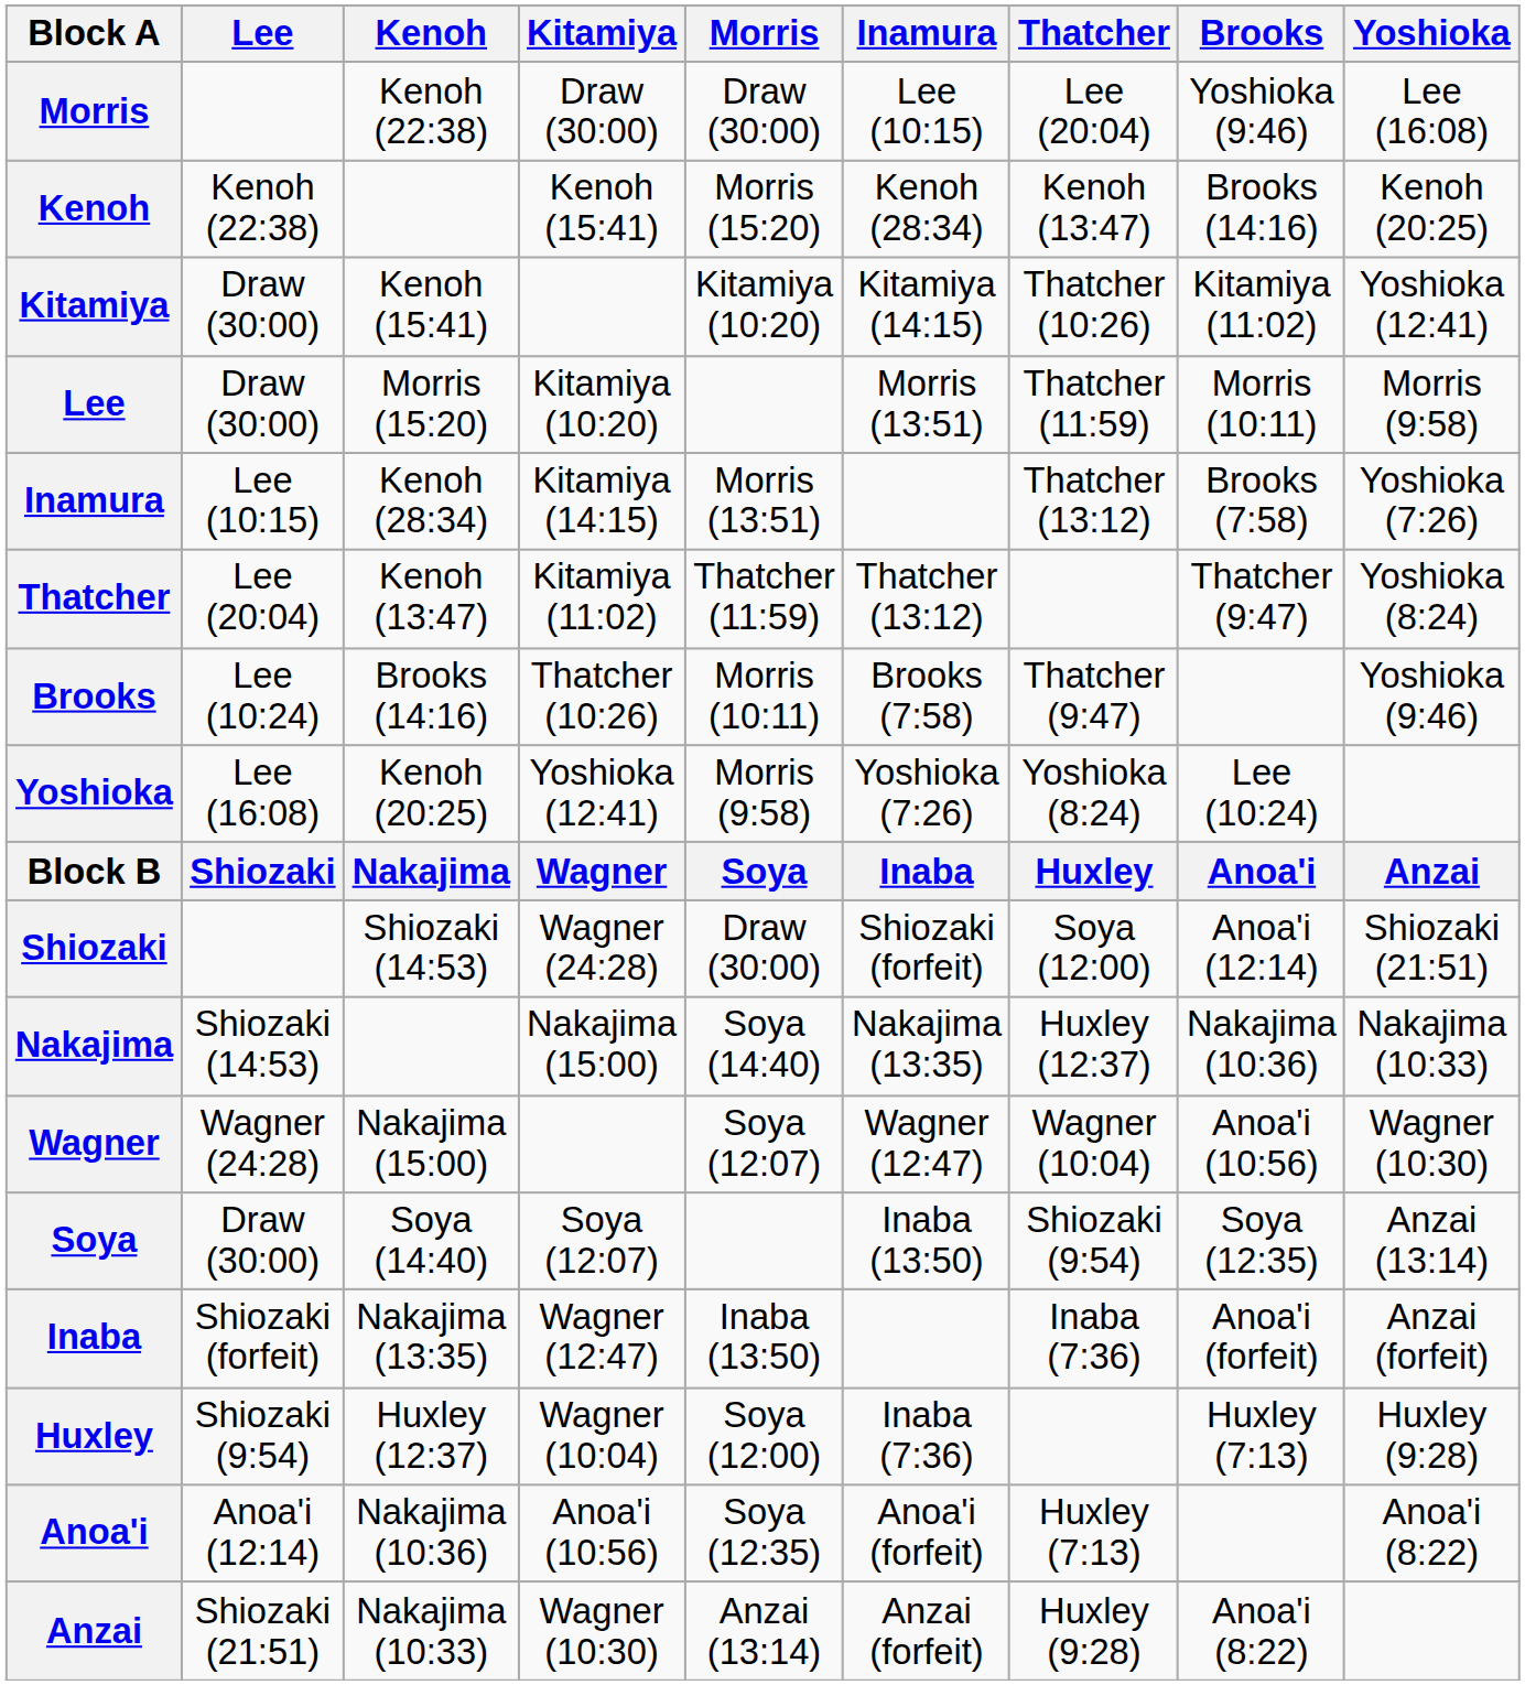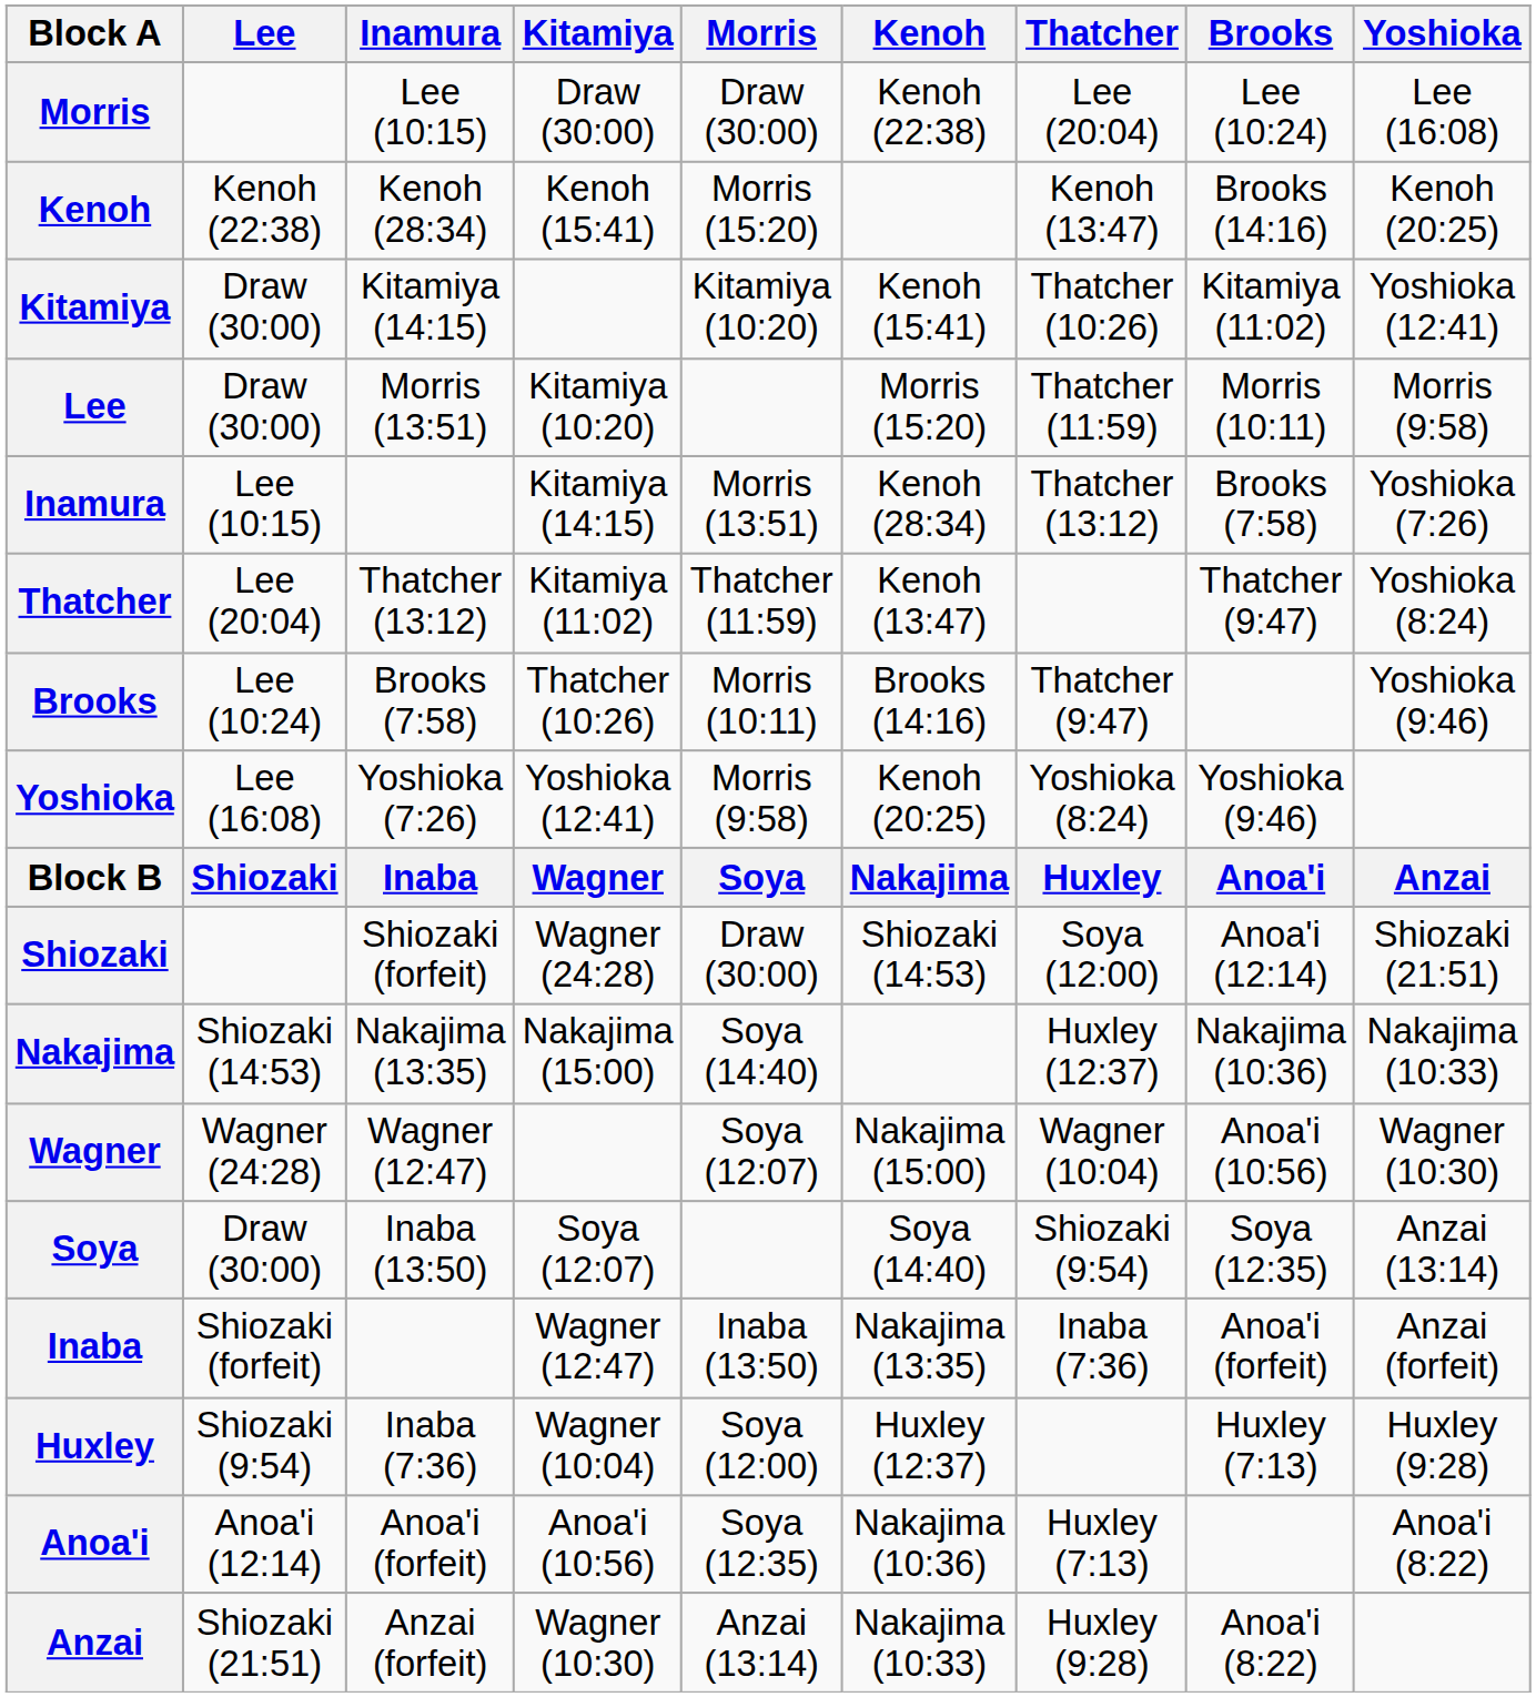 <table class="wikitable" style="text-align:center; margin: 1em auto 1em auto;" width="25%">
 <tr>
 <th>Block A</th>
 <th><a href='#'>Lee</a></th>
-<th><a href='#'>Kenoh</a></th>
+<th><a href='#'>Inamura</a></th>
 <th><a href='#'>Kitamiya</a></th>
 <th><a href='#'>Morris</a></th>
-<th><a href='#'>Inamura</a></th>
+<th><a href='#'>Kenoh</a></th>
 <th><a href='#'>Thatcher</a></th>
 <th><a href='#'>Brooks</a></th>
 <th><a href='#'>Yoshioka</a></th>
 </tr>
 <tr>
 <th><a href='#'>Morris</a></th>
 <td></td>
-<td>Kenoh<br>(22:38)</td>
+<td>Lee<br>(10:15)</td>
 <td>Draw<br>(30:00)</td>
 <td>Draw<br>(30:00)</td>
-<td>Lee<br>(10:15)</td>
+<td>Kenoh<br>(22:38)</td>
 <td>Lee<br>(20:04)</td>
-<td>Yoshioka<br>(9:46)</td>
+<td>Lee<br>(10:24)</td>
 <td>Lee<br>(16:08)</td>
 </tr>
 <tr>
 <th><a href='#'>Kenoh</a></th>
 <td>Kenoh<br>(22:38)</td>
-<td></td>
+<td>Kenoh<br>(28:34)</td>
 <td>Kenoh<br>(15:41)</td>
 <td>Morris<br>(15:20)</td>
-<td>Kenoh<br>(28:34)</td>
+<td></td>
 <td>Kenoh<br>(13:47)</td>
 <td>Brooks<br>(14:16)</td>
 <td>Kenoh<br>(20:25)</td>
 </tr>
 <tr>
 <th><a href='#'>Kitamiya</a></th>
 <td>Draw<br>(30:00)</td>
-<td>Kenoh<br>(15:41)</td>
+<td>Kitamiya<br>(14:15)</td>
 <td></td>
 <td>Kitamiya<br>(10:20)</td>
-<td>Kitamiya<br>(14:15)</td>
+<td>Kenoh<br>(15:41)</td>
 <td>Thatcher<br>(10:26)</td>
 <td>Kitamiya<br>(11:02)</td>
 <td>Yoshioka<br>(12:41)</td>
 </tr>
 <tr>
 <th><a href='#'>Lee</a></th>
 <td>Draw<br>(30:00)</td>
-<td>Morris<br>(15:20)</td>
+<td>Morris<br>(13:51)</td>
 <td>Kitamiya<br>(10:20)</td>
 <td></td>
-<td>Morris<br>(13:51)</td>
+<td>Morris<br>(15:20)</td>
 <td>Thatcher<br>(11:59)</td>
 <td>Morris<br>(10:11)</td>
 <td>Morris<br>(9:58)</td>
 </tr>
 <tr>
 <th><a href='#'>Inamura</a></th>
 <td>Lee<br>(10:15)</td>
-<td>Kenoh<br>(28:34)</td>
+<td></td>
 <td>Kitamiya<br>(14:15)</td>
 <td>Morris<br>(13:51)</td>
-<td></td>
+<td>Kenoh<br>(28:34)</td>
 <td>Thatcher<br>(13:12)</td>
 <td>Brooks<br>(7:58)</td>
 <td>Yoshioka<br>(7:26)</td>
 </tr>
 <tr>
 <th><a href='#'>Thatcher</a></th>
 <td>Lee<br>(20:04)</td>
-<td>Kenoh<br>(13:47)</td>
+<td>Thatcher<br>(13:12)</td>
 <td>Kitamiya<br>(11:02)</td>
 <td>Thatcher<br>(11:59)</td>
-<td>Thatcher<br>(13:12)</td>
+<td>Kenoh<br>(13:47)</td>
 <td></td>
 <td>Thatcher<br>(9:47)</td>
 <td>Yoshioka<br>(8:24)</td>
 </tr>
 <tr>
 <th><a href='#'>Brooks</a></th>
 <td>Lee<br>(10:24)</td>
-<td>Brooks<br>(14:16)</td>
+<td>Brooks<br>(7:58)</td>
 <td>Thatcher<br>(10:26)</td>
 <td>Morris<br>(10:11)</td>
-<td>Brooks<br>(7:58)</td>
+<td>Brooks<br>(14:16)</td>
 <td>Thatcher<br>(9:47)</td>
 <td></td>
 <td>Yoshioka<br>(9:46)</td>
 </tr>
 <tr>
 <th><a href='#'>Yoshioka</a></th>
 <td>Lee<br>(16:08)</td>
-<td>Kenoh<br>(20:25)</td>
+<td>Yoshioka<br>(7:26)</td>
 <td>Yoshioka<br>(12:41)</td>
 <td>Morris<br>(9:58)</td>
-<td>Yoshioka<br>(7:26)</td>
+<td>Kenoh<br>(20:25)</td>
 <td>Yoshioka<br>(8:24)</td>
-<td>Lee<br>(10:24)</td>
+<td>Yoshioka<br>(9:46)</td>
 <td></td>
 </tr>
 <tr>
 <th>Block B</th>
 <th><a href='#'>Shiozaki</a></th>
-<th><a href='#'>Nakajima</a></th>
+<th><a href='#'>Inaba</a></th>
 <th><a href='#'>Wagner</a></th>
 <th><a href='#'>Soya</a></th>
-<th><a href='#'>Inaba</a></th>
+<th><a href='#'>Nakajima</a></th>
 <th><a href='#'>Huxley</a></th>
 <th><a href='#'>Anoa'i</a></th>
 <th><a href='#'>Anzai</a></th>
 </tr>
 <tr>
 <th><a href='#'>Shiozaki</a></th>
 <td></td>
-<td>Shiozaki<br>(14:53)</td>
+<td>Shiozaki<br>(forfeit)</td>
 <td>Wagner<br>(24:28)</td>
 <td>Draw<br>(30:00)</td>
-<td>Shiozaki<br>(forfeit)</td>
+<td>Shiozaki<br>(14:53)</td>
 <td>Soya<br>(12:00)</td>
 <td>Anoa'i<br>(12:14)</td>
 <td>Shiozaki<br>(21:51)</td>
 </tr>
 <tr>
 <th><a href='#'>Nakajima</a></th>
 <td>Shiozaki<br>(14:53)</td>
-<td></td>
+<td>Nakajima<br>(13:35)</td>
 <td>Nakajima<br>(15:00)</td>
 <td>Soya<br>(14:40)</td>
-<td>Nakajima<br>(13:35)</td>
+<td></td>
 <td>Huxley<br>(12:37)</td>
 <td>Nakajima<br>(10:36)</td>
 <td>Nakajima<br>(10:33)</td>
 </tr>
 <tr>
 <th><a href='#'>Wagner</a></th>
 <td>Wagner<br>(24:28)</td>
-<td>Nakajima<br>(15:00)</td>
+<td>Wagner<br>(12:47)</td>
 <td></td>
 <td>Soya<br>(12:07)</td>
-<td>Wagner<br>(12:47)</td>
+<td>Nakajima<br>(15:00)</td>
 <td>Wagner<br>(10:04)</td>
 <td>Anoa'i<br>(10:56)</td>
 <td>Wagner<br>(10:30)</td>
 </tr>
 <tr>
 <th><a href='#'>Soya</a></th>
 <td>Draw<br>(30:00)</td>
-<td>Soya<br>(14:40)</td>
+<td>Inaba<br>(13:50)</td>
 <td>Soya<br>(12:07)</td>
 <td></td>
-<td>Inaba<br>(13:50)</td>
+<td>Soya<br>(14:40)</td>
 <td>Shiozaki<br>(9:54)</td>
 <td>Soya<br>(12:35)</td>
 <td>Anzai<br>(13:14)</td>
 </tr>
 <tr>
 <th><a href='#'>Inaba</a></th>
 <td>Shiozaki<br>(forfeit)</td>
-<td>Nakajima<br>(13:35)</td>
+<td></td>
 <td>Wagner<br>(12:47)</td>
 <td>Inaba<br>(13:50)</td>
-<td></td>
+<td>Nakajima<br>(13:35)</td>
 <td>Inaba<br>(7:36)</td>
 <td>Anoa'i<br>(forfeit)</td>
 <td>Anzai<br>(forfeit)</td>
 </tr>
 <tr>
 <th><a href='#'>Huxley</a></th>
 <td>Shiozaki<br>(9:54)</td>
-<td>Huxley<br>(12:37)</td>
+<td>Inaba<br>(7:36)</td>
 <td>Wagner<br>(10:04)</td>
 <td>Soya<br>(12:00)</td>
-<td>Inaba<br>(7:36)</td>
+<td>Huxley<br>(12:37)</td>
 <td></td>
 <td>Huxley<br>(7:13)</td>
 <td>Huxley<br>(9:28)</td>
 </tr>
 <tr>
 <th><a href='#'>Anoa'i</a></th>
 <td>Anoa'i<br>(12:14)</td>
-<td>Nakajima<br>(10:36)</td>
+<td>Anoa'i<br>(forfeit)</td>
 <td>Anoa'i<br>(10:56)</td>
 <td>Soya<br>(12:35)</td>
-<td>Anoa'i<br>(forfeit)</td>
+<td>Nakajima<br>(10:36)</td>
 <td>Huxley<br>(7:13)</td>
 <td></td>
 <td>Anoa'i<br>(8:22)</td>
 </tr>
 <tr>
 <th><a href='#'>Anzai</a></th>
 <td>Shiozaki<br>(21:51)</td>
-<td>Nakajima<br>(10:33)</td>
+<td>Anzai<br>(forfeit)</td>
 <td>Wagner<br>(10:30)</td>
 <td>Anzai<br>(13:14)</td>
-<td>Anzai<br>(forfeit)</td>
+<td>Nakajima<br>(10:33)</td>
 <td>Huxley<br>(9:28)</td>
 <td>Anoa'i<br>(8:22)</td>
 <td></td>
 </tr>
 </table>
